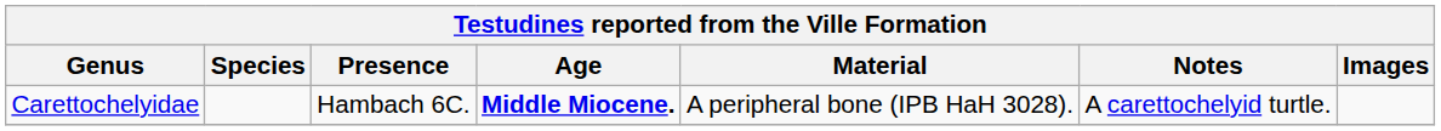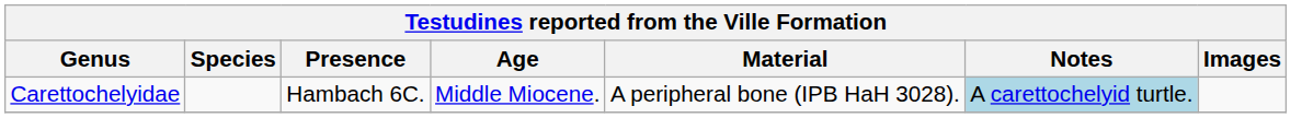 <table class="wikitable" align="center">
 <tr>
 <th colspan="7" align="center"><strong><a href='#'>Testudines</a> reported from the Ville Formation</strong></th>
 </tr>
 <tr>
 <th>Genus</th>
 <th>Species</th>
 <th>Presence</th>
 <th><strong>Age</strong></th>
 <th><strong>Material</strong></th>
 <th>Notes</th>
 <th>Images</th>
 </tr>
 <tr>
 <td><a href='#'>Carettochelyidae</a></td>
 <td></td>
 <td>Hambach 6C.</td>
-<td><strong><a href='#'>Middle Miocene</a>.</strong></td>
+<td><a href='#'>Middle Miocene</a>.</td>
 <td>A peripheral bone (IPB HaH 3028).</td>
-<td>A <a href='#'>carettochelyid</a> turtle.</td>
+<td style="background: lightblue;">A <a href='#'>carettochelyid</a> turtle.</td>
 <td></td>
 </tr>
 <tr>
 </tr>
 </table>
